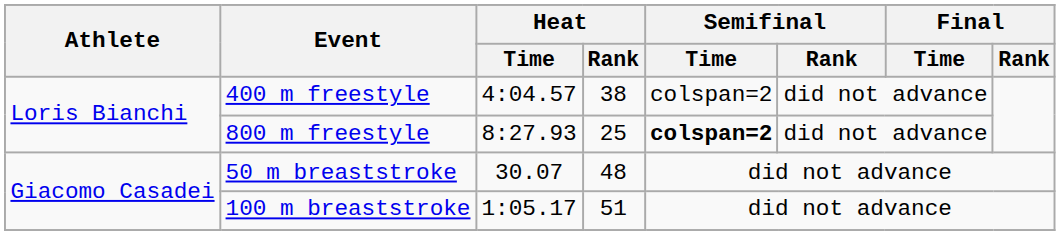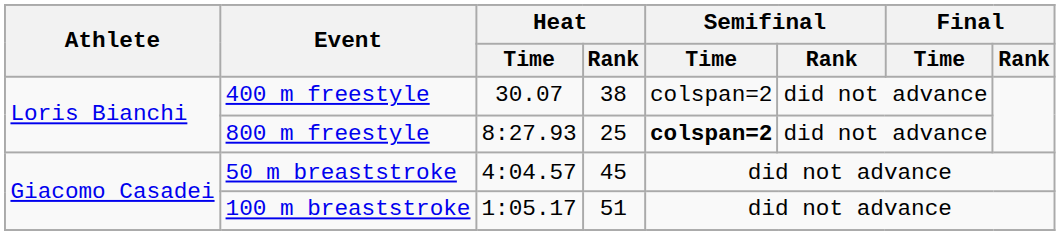 <table class="wikitable" style="text-align:center; font-size:90%">
 <tr>
 <th rowspan="2">Athlete</th>
 <th rowspan="2">Event</th>
 <th colspan="2">Heat</th>
 <th colspan="2">Semifinal</th>
 <th colspan="2">Final</th>
 </tr>
 <tr style="font-size:95%">
 <th>Time</th>
 <th>Rank</th>
 <th>Time</th>
 <th>Rank</th>
 <th>Time</th>
 <th>Rank</th>
 </tr>
 <tr>
 <td rowspan=2 align=left><a href='#'>Loris Bianchi</a></td>
 <td align=left><a href='#'>400 m freestyle</a></td>
-<td>4:04.57</td>
+<td>30.07</td>
 <td>38</td>
 <td>colspan=2 </td>
 <td colspan=2>did not advance</td>
 </tr>
 <tr>
 <td align=left><a href='#'>800 m freestyle</a></td>
 <td>8:27.93</td>
 <td>25</td>
 <td><strong>colspan=2 </strong></td>
 <td colspan=2>did not advance</td>
 </tr>
 <tr>
 <td rowspan=2 align=left><a href='#'>Giacomo Casadei</a></td>
 <td align=left><a href='#'>50 m breaststroke</a></td>
-<td>30.07</td>
-<td>48</td>
+<td>4:04.57</td>
+<td>45</td>
 <td colspan=4>did not advance</td>
 </tr>
 <tr>
 <td align=left><a href='#'>100 m breaststroke</a></td>
 <td>1:05.17</td>
 <td>51</td>
 <td colspan=4>did not advance</td>
 </tr>
 </table>
